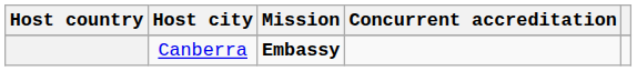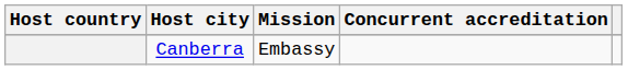 <table class="wikitable plainrowheaders" style="text-align:center;">
 <tr>
 <th scope="col">Host country</th>
 <th scope="col">Host city</th>
 <th scope="col">Mission</th>
 <th scope="col">Concurrent accreditation</th>
 <th scope="col"></th>
 </tr>
 <tr>
 </tr>
 <tr>
 <th scope="row"></th>
 <td><a href='#'>Canberra</a></td>
-<td><strong>Embassy</strong></td>
+<td>Embassy</td>
 <td></td>
 <td></td>
 </tr>
 </table>
